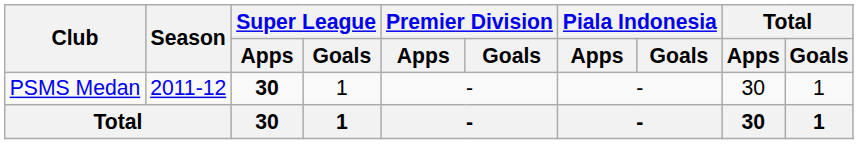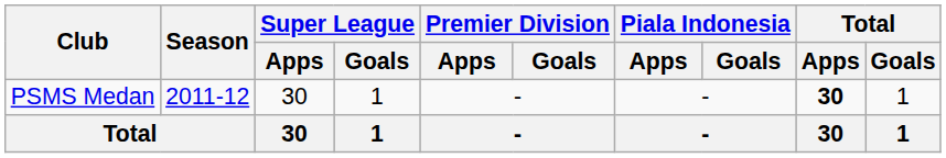 <table class="wikitable" style="font-size:90%; text-align:center;">
 <tr>
 <th rowspan="2">Club</th>
 <th rowspan="2">Season</th>
 <th colspan="2"><a href='#'>Super League</a></th>
 <th colspan="2"><a href='#'>Premier Division</a></th>
 <th colspan="2"><a href='#'>Piala Indonesia</a></th>
 <th colspan="2">Total</th>
 </tr>
 <tr>
 <th>Apps</th>
 <th>Goals</th>
 <th>Apps</th>
 <th>Goals</th>
 <th>Apps</th>
 <th>Goals</th>
 <th>Apps</th>
 <th>Goals</th>
 </tr>
 <tr>
 <td rowspan="1"><a href='#'>PSMS Medan</a></td>
 <td><a href='#'>2011-12</a></td>
-<td><strong>30</strong></td>
+<td>30</td>
 <td>1</td>
 <td colspan="2">-</td>
 <td colspan="2">-</td>
-<td>30</td>
+<td><strong>30</strong></td>
 <td>1</td>
 </tr>
 <tr>
 <th colspan="2">Total</th>
 <th>30</th>
 <th>1</th>
 <th colspan="2">-</th>
 <th colspan="2">-</th>
 <th>30</th>
 <th>1</th>
 </tr>
 </table>
